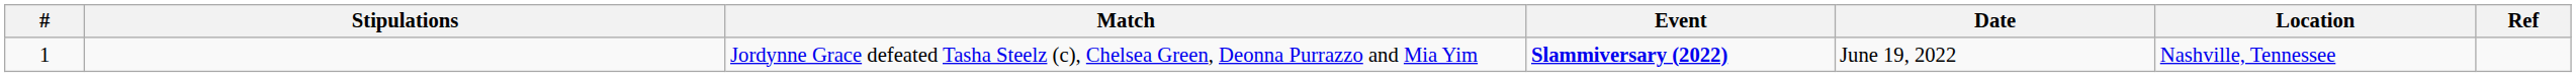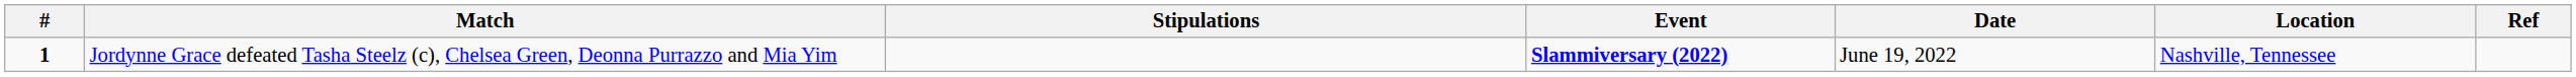 <table class="wikitable">
 <tr>
 <th width="1%">#</th>
+<th width="10%">Match</th>
 <th width="8%">Stipulations</th>
-<th width="10%">Match</th>
 <th width="3%">Event</th>
 <th width="4%">Date</th>
 <th width="4%">Location</th>
 <th width="1%">Ref</th>
 </tr>
 <tr>
-<td align=center>1</td>
+<td align=center><strong>1</strong></td>
+<td><a href='#'>Jordynne Grace</a> defeated <a href='#'>Tasha Steelz</a> (c), <a href='#'>Chelsea Green</a>, <a href='#'>Deonna Purrazzo</a> and <a href='#'>Mia Yim</a></td>
 <td></td>
-<td><a href='#'>Jordynne Grace</a> defeated <a href='#'>Tasha Steelz</a> (c), <a href='#'>Chelsea Green</a>, <a href='#'>Deonna Purrazzo</a> and <a href='#'>Mia Yim</a></td>
 <td><strong><a href='#'>Slammiversary (2022)</a></strong></td>
 <td>June 19, 2022</td>
 <td><a href='#'>Nashville, Tennessee</a></td>
 <td></td>
 </tr>
 </table>
